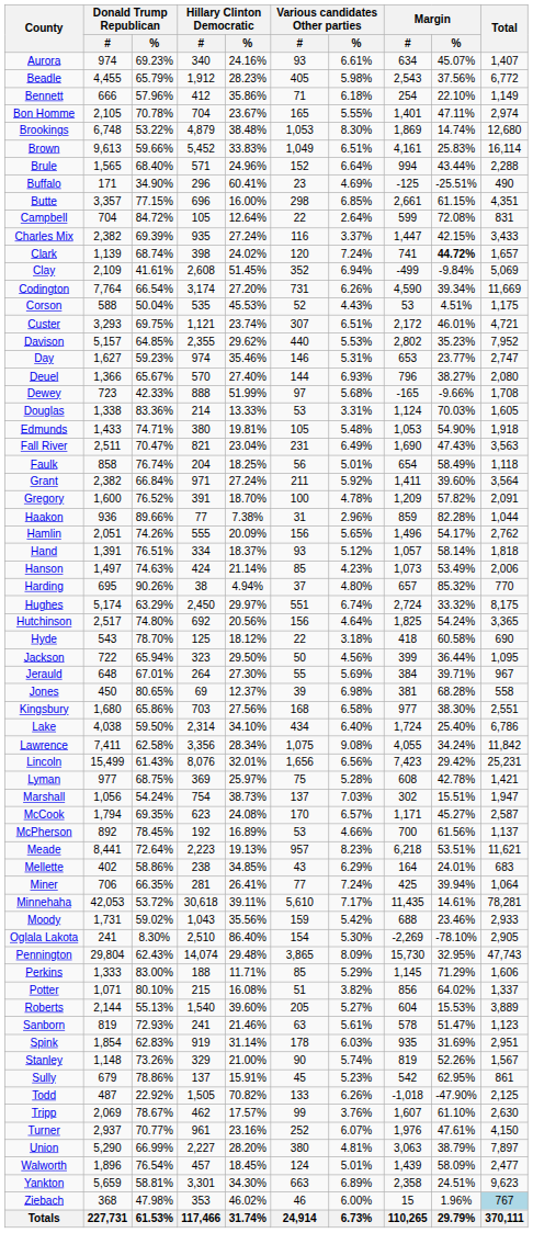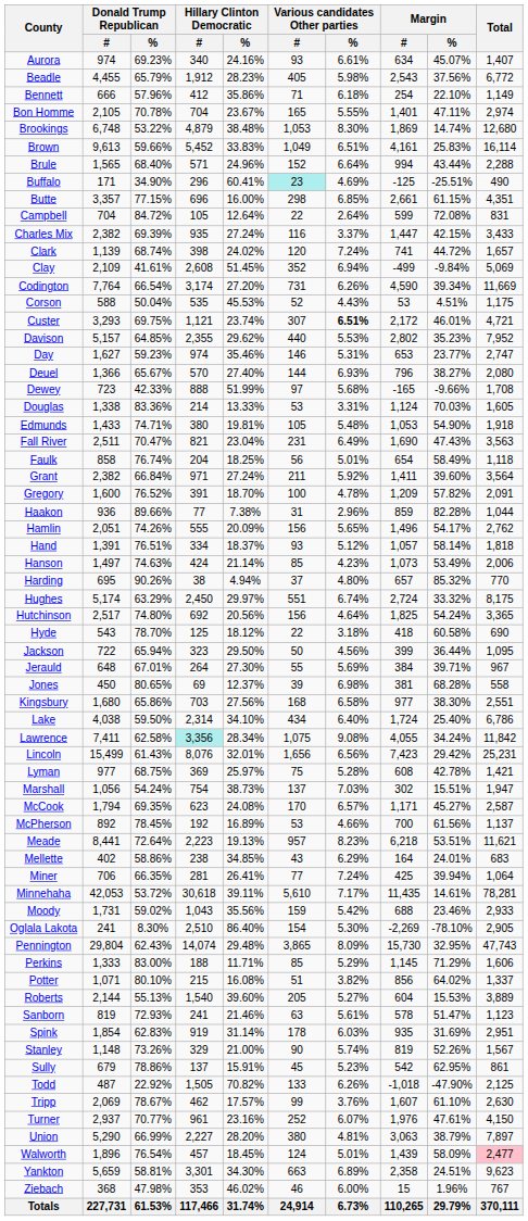 <table width="60%" class="wikitable sortable">
 <tr>
 <th rowspan="2">County</th>
 <th colspan="2">Donald Trump<br>Republican</th>
 <th colspan="2">Hillary Clinton<br>Democratic</th>
 <th colspan="2">Various candidates<br>Other parties</th>
 <th colspan="2">Margin</th>
 <th rowspan="2">Total</th>
 </tr>
 <tr>
 <th style="text-align:center;" data-sort-type="number">#</th>
 <th style="text-align:center;" data-sort-type="number">%</th>
 <th style="text-align:center;" data-sort-type="number">#</th>
 <th style="text-align:center;" data-sort-type="number">%</th>
 <th style="text-align:center;" data-sort-type="number">#</th>
 <th style="text-align:center;" data-sort-type="number">%</th>
 <th style="text-align:center;" data-sort-type="number">#</th>
 <th style="text-align:center;" data-sort-type="number">%</th>
 </tr>
 <tr style="text-align:center;">
 <td><a href='#'>Aurora</a></td>
 <td>974</td>
 <td>69.23%</td>
 <td>340</td>
 <td>24.16%</td>
 <td>93</td>
 <td>6.61%</td>
 <td>634</td>
 <td>45.07%</td>
 <td>1,407</td>
 </tr>
 <tr style="text-align:center;">
 <td><a href='#'>Beadle</a></td>
 <td>4,455</td>
 <td>65.79%</td>
 <td>1,912</td>
 <td>28.23%</td>
 <td>405</td>
 <td>5.98%</td>
 <td>2,543</td>
 <td>37.56%</td>
 <td>6,772</td>
 </tr>
 <tr style="text-align:center;">
 <td><a href='#'>Bennett</a></td>
 <td>666</td>
 <td>57.96%</td>
 <td>412</td>
 <td>35.86%</td>
 <td>71</td>
 <td>6.18%</td>
 <td>254</td>
 <td>22.10%</td>
 <td>1,149</td>
 </tr>
 <tr style="text-align:center;">
 <td><a href='#'>Bon Homme</a></td>
 <td>2,105</td>
 <td>70.78%</td>
 <td>704</td>
 <td>23.67%</td>
 <td>165</td>
 <td>5.55%</td>
 <td>1,401</td>
 <td>47.11%</td>
 <td>2,974</td>
 </tr>
 <tr style="text-align:center;">
 <td><a href='#'>Brookings</a></td>
 <td>6,748</td>
 <td>53.22%</td>
 <td>4,879</td>
 <td>38.48%</td>
 <td>1,053</td>
 <td>8.30%</td>
 <td>1,869</td>
 <td>14.74%</td>
 <td>12,680</td>
 </tr>
 <tr style="text-align:center;">
 <td><a href='#'>Brown</a></td>
 <td>9,613</td>
 <td>59.66%</td>
 <td>5,452</td>
 <td>33.83%</td>
 <td>1,049</td>
 <td>6.51%</td>
 <td>4,161</td>
 <td>25.83%</td>
 <td>16,114</td>
 </tr>
 <tr style="text-align:center;">
 <td><a href='#'>Brule</a></td>
 <td>1,565</td>
 <td>68.40%</td>
 <td>571</td>
 <td>24.96%</td>
 <td>152</td>
 <td>6.64%</td>
 <td>994</td>
 <td>43.44%</td>
 <td>2,288</td>
 </tr>
 <tr style="text-align:center;">
 <td><a href='#'>Buffalo</a></td>
 <td>171</td>
 <td>34.90%</td>
 <td>296</td>
 <td>60.41%</td>
-<td>23</td>
+<td style="background: paleturquoise;">23</td>
 <td>4.69%</td>
 <td>-125</td>
 <td>-25.51%</td>
 <td>490</td>
 </tr>
 <tr style="text-align:center;">
 <td><a href='#'>Butte</a></td>
 <td>3,357</td>
 <td>77.15%</td>
 <td>696</td>
 <td>16.00%</td>
 <td>298</td>
 <td>6.85%</td>
 <td>2,661</td>
 <td>61.15%</td>
 <td>4,351</td>
 </tr>
 <tr style="text-align:center;">
 <td><a href='#'>Campbell</a></td>
 <td>704</td>
 <td>84.72%</td>
 <td>105</td>
 <td>12.64%</td>
 <td>22</td>
 <td>2.64%</td>
 <td>599</td>
 <td>72.08%</td>
 <td>831</td>
 </tr>
 <tr style="text-align:center;">
 <td><a href='#'>Charles Mix</a></td>
 <td>2,382</td>
 <td>69.39%</td>
 <td>935</td>
 <td>27.24%</td>
 <td>116</td>
 <td>3.37%</td>
 <td>1,447</td>
 <td>42.15%</td>
 <td>3,433</td>
 </tr>
 <tr style="text-align:center;">
 <td><a href='#'>Clark</a></td>
 <td>1,139</td>
 <td>68.74%</td>
 <td>398</td>
 <td>24.02%</td>
 <td>120</td>
 <td>7.24%</td>
 <td>741</td>
-<td><strong>44.72%</strong></td>
+<td>44.72%</td>
 <td>1,657</td>
 </tr>
 <tr style="text-align:center;">
 <td><a href='#'>Clay</a></td>
 <td>2,109</td>
 <td>41.61%</td>
 <td>2,608</td>
 <td>51.45%</td>
 <td>352</td>
 <td>6.94%</td>
 <td>-499</td>
 <td>-9.84%</td>
 <td>5,069</td>
 </tr>
 <tr style="text-align:center;">
 <td><a href='#'>Codington</a></td>
 <td>7,764</td>
 <td>66.54%</td>
 <td>3,174</td>
 <td>27.20%</td>
 <td>731</td>
 <td>6.26%</td>
 <td>4,590</td>
 <td>39.34%</td>
 <td>11,669</td>
 </tr>
 <tr style="text-align:center;">
 <td><a href='#'>Corson</a></td>
 <td>588</td>
 <td>50.04%</td>
 <td>535</td>
 <td>45.53%</td>
 <td>52</td>
 <td>4.43%</td>
 <td>53</td>
 <td>4.51%</td>
 <td>1,175</td>
 </tr>
 <tr style="text-align:center;">
 <td><a href='#'>Custer</a></td>
 <td>3,293</td>
 <td>69.75%</td>
 <td>1,121</td>
 <td>23.74%</td>
 <td>307</td>
-<td>6.51%</td>
+<td><strong>6.51%</strong></td>
 <td>2,172</td>
 <td>46.01%</td>
 <td>4,721</td>
 </tr>
 <tr style="text-align:center;">
 <td><a href='#'>Davison</a></td>
 <td>5,157</td>
 <td>64.85%</td>
 <td>2,355</td>
 <td>29.62%</td>
 <td>440</td>
 <td>5.53%</td>
 <td>2,802</td>
 <td>35.23%</td>
 <td>7,952</td>
 </tr>
 <tr style="text-align:center;">
 <td><a href='#'>Day</a></td>
 <td>1,627</td>
 <td>59.23%</td>
 <td>974</td>
 <td>35.46%</td>
 <td>146</td>
 <td>5.31%</td>
 <td>653</td>
 <td>23.77%</td>
 <td>2,747</td>
 </tr>
 <tr style="text-align:center;">
 <td><a href='#'>Deuel</a></td>
 <td>1,366</td>
 <td>65.67%</td>
 <td>570</td>
 <td>27.40%</td>
 <td>144</td>
 <td>6.93%</td>
 <td>796</td>
 <td>38.27%</td>
 <td>2,080</td>
 </tr>
 <tr style="text-align:center;">
 <td><a href='#'>Dewey</a></td>
 <td>723</td>
 <td>42.33%</td>
 <td>888</td>
 <td>51.99%</td>
 <td>97</td>
 <td>5.68%</td>
 <td>-165</td>
 <td>-9.66%</td>
 <td>1,708</td>
 </tr>
 <tr style="text-align:center;">
 <td><a href='#'>Douglas</a></td>
 <td>1,338</td>
 <td>83.36%</td>
 <td>214</td>
 <td>13.33%</td>
 <td>53</td>
 <td>3.31%</td>
 <td>1,124</td>
 <td>70.03%</td>
 <td>1,605</td>
 </tr>
 <tr style="text-align:center;">
 <td><a href='#'>Edmunds</a></td>
 <td>1,433</td>
 <td>74.71%</td>
 <td>380</td>
 <td>19.81%</td>
 <td>105</td>
 <td>5.48%</td>
 <td>1,053</td>
 <td>54.90%</td>
 <td>1,918</td>
 </tr>
 <tr style="text-align:center;">
 <td><a href='#'>Fall River</a></td>
 <td>2,511</td>
 <td>70.47%</td>
 <td>821</td>
 <td>23.04%</td>
 <td>231</td>
 <td>6.49%</td>
 <td>1,690</td>
 <td>47.43%</td>
 <td>3,563</td>
 </tr>
 <tr style="text-align:center;">
 <td><a href='#'>Faulk</a></td>
 <td>858</td>
 <td>76.74%</td>
 <td>204</td>
 <td>18.25%</td>
 <td>56</td>
 <td>5.01%</td>
 <td>654</td>
 <td>58.49%</td>
 <td>1,118</td>
 </tr>
 <tr style="text-align:center;">
 <td><a href='#'>Grant</a></td>
 <td>2,382</td>
 <td>66.84%</td>
 <td>971</td>
 <td>27.24%</td>
 <td>211</td>
 <td>5.92%</td>
 <td>1,411</td>
 <td>39.60%</td>
 <td>3,564</td>
 </tr>
 <tr style="text-align:center;">
 <td><a href='#'>Gregory</a></td>
 <td>1,600</td>
 <td>76.52%</td>
 <td>391</td>
 <td>18.70%</td>
 <td>100</td>
 <td>4.78%</td>
 <td>1,209</td>
 <td>57.82%</td>
 <td>2,091</td>
 </tr>
 <tr style="text-align:center;">
 <td><a href='#'>Haakon</a></td>
 <td>936</td>
 <td>89.66%</td>
 <td>77</td>
 <td>7.38%</td>
 <td>31</td>
 <td>2.96%</td>
 <td>859</td>
 <td>82.28%</td>
 <td>1,044</td>
 </tr>
 <tr style="text-align:center;">
 <td><a href='#'>Hamlin</a></td>
 <td>2,051</td>
 <td>74.26%</td>
 <td>555</td>
 <td>20.09%</td>
 <td>156</td>
 <td>5.65%</td>
 <td>1,496</td>
 <td>54.17%</td>
 <td>2,762</td>
 </tr>
 <tr style="text-align:center;">
 <td><a href='#'>Hand</a></td>
 <td>1,391</td>
 <td>76.51%</td>
 <td>334</td>
 <td>18.37%</td>
 <td>93</td>
 <td>5.12%</td>
 <td>1,057</td>
 <td>58.14%</td>
 <td>1,818</td>
 </tr>
 <tr style="text-align:center;">
 <td><a href='#'>Hanson</a></td>
 <td>1,497</td>
 <td>74.63%</td>
 <td>424</td>
 <td>21.14%</td>
 <td>85</td>
 <td>4.23%</td>
 <td>1,073</td>
 <td>53.49%</td>
 <td>2,006</td>
 </tr>
 <tr style="text-align:center;">
 <td><a href='#'>Harding</a></td>
 <td>695</td>
 <td>90.26%</td>
 <td>38</td>
 <td>4.94%</td>
 <td>37</td>
 <td>4.80%</td>
 <td>657</td>
 <td>85.32%</td>
 <td>770</td>
 </tr>
 <tr style="text-align:center;">
 <td><a href='#'>Hughes</a></td>
 <td>5,174</td>
 <td>63.29%</td>
 <td>2,450</td>
 <td>29.97%</td>
 <td>551</td>
 <td>6.74%</td>
 <td>2,724</td>
 <td>33.32%</td>
 <td>8,175</td>
 </tr>
 <tr style="text-align:center;">
 <td><a href='#'>Hutchinson</a></td>
 <td>2,517</td>
 <td>74.80%</td>
 <td>692</td>
 <td>20.56%</td>
 <td>156</td>
 <td>4.64%</td>
 <td>1,825</td>
 <td>54.24%</td>
 <td>3,365</td>
 </tr>
 <tr style="text-align:center;">
 <td><a href='#'>Hyde</a></td>
 <td>543</td>
 <td>78.70%</td>
 <td>125</td>
 <td>18.12%</td>
 <td>22</td>
 <td>3.18%</td>
 <td>418</td>
 <td>60.58%</td>
 <td>690</td>
 </tr>
 <tr style="text-align:center;">
 <td><a href='#'>Jackson</a></td>
 <td>722</td>
 <td>65.94%</td>
 <td>323</td>
 <td>29.50%</td>
 <td>50</td>
 <td>4.56%</td>
 <td>399</td>
 <td>36.44%</td>
 <td>1,095</td>
 </tr>
 <tr style="text-align:center;">
 <td><a href='#'>Jerauld</a></td>
 <td>648</td>
 <td>67.01%</td>
 <td>264</td>
 <td>27.30%</td>
 <td>55</td>
 <td>5.69%</td>
 <td>384</td>
 <td>39.71%</td>
 <td>967</td>
 </tr>
 <tr style="text-align:center;">
 <td><a href='#'>Jones</a></td>
 <td>450</td>
 <td>80.65%</td>
 <td>69</td>
 <td>12.37%</td>
 <td>39</td>
 <td>6.98%</td>
 <td>381</td>
 <td>68.28%</td>
 <td>558</td>
 </tr>
 <tr style="text-align:center;">
 <td><a href='#'>Kingsbury</a></td>
 <td>1,680</td>
 <td>65.86%</td>
 <td>703</td>
 <td>27.56%</td>
 <td>168</td>
 <td>6.58%</td>
 <td>977</td>
 <td>38.30%</td>
 <td>2,551</td>
 </tr>
 <tr style="text-align:center;">
 <td><a href='#'>Lake</a></td>
 <td>4,038</td>
 <td>59.50%</td>
 <td>2,314</td>
 <td>34.10%</td>
 <td>434</td>
 <td>6.40%</td>
 <td>1,724</td>
 <td>25.40%</td>
 <td>6,786</td>
 </tr>
 <tr style="text-align:center;">
 <td><a href='#'>Lawrence</a></td>
 <td>7,411</td>
 <td>62.58%</td>
-<td>3,356</td>
+<td style="background: paleturquoise;">3,356</td>
 <td>28.34%</td>
 <td>1,075</td>
 <td>9.08%</td>
 <td>4,055</td>
 <td>34.24%</td>
 <td>11,842</td>
 </tr>
 <tr style="text-align:center;">
 <td><a href='#'>Lincoln</a></td>
 <td>15,499</td>
 <td>61.43%</td>
 <td>8,076</td>
 <td>32.01%</td>
 <td>1,656</td>
 <td>6.56%</td>
 <td>7,423</td>
 <td>29.42%</td>
 <td>25,231</td>
 </tr>
 <tr style="text-align:center;">
 <td><a href='#'>Lyman</a></td>
 <td>977</td>
 <td>68.75%</td>
 <td>369</td>
 <td>25.97%</td>
 <td>75</td>
 <td>5.28%</td>
 <td>608</td>
 <td>42.78%</td>
 <td>1,421</td>
 </tr>
 <tr style="text-align:center;">
 <td><a href='#'>Marshall</a></td>
 <td>1,056</td>
 <td>54.24%</td>
 <td>754</td>
 <td>38.73%</td>
 <td>137</td>
 <td>7.03%</td>
 <td>302</td>
 <td>15.51%</td>
 <td>1,947</td>
 </tr>
 <tr style="text-align:center;">
 <td><a href='#'>McCook</a></td>
 <td>1,794</td>
 <td>69.35%</td>
 <td>623</td>
 <td>24.08%</td>
 <td>170</td>
 <td>6.57%</td>
 <td>1,171</td>
 <td>45.27%</td>
 <td>2,587</td>
 </tr>
 <tr style="text-align:center;">
 <td><a href='#'>McPherson</a></td>
 <td>892</td>
 <td>78.45%</td>
 <td>192</td>
 <td>16.89%</td>
 <td>53</td>
 <td>4.66%</td>
 <td>700</td>
 <td>61.56%</td>
 <td>1,137</td>
 </tr>
 <tr style="text-align:center;">
 <td><a href='#'>Meade</a></td>
 <td>8,441</td>
 <td>72.64%</td>
 <td>2,223</td>
 <td>19.13%</td>
 <td>957</td>
 <td>8.23%</td>
 <td>6,218</td>
 <td>53.51%</td>
 <td>11,621</td>
 </tr>
 <tr style="text-align:center;">
 <td><a href='#'>Mellette</a></td>
 <td>402</td>
 <td>58.86%</td>
 <td>238</td>
 <td>34.85%</td>
 <td>43</td>
 <td>6.29%</td>
 <td>164</td>
 <td>24.01%</td>
 <td>683</td>
 </tr>
 <tr style="text-align:center;">
 <td><a href='#'>Miner</a></td>
 <td>706</td>
 <td>66.35%</td>
 <td>281</td>
 <td>26.41%</td>
 <td>77</td>
 <td>7.24%</td>
 <td>425</td>
 <td>39.94%</td>
 <td>1,064</td>
 </tr>
 <tr style="text-align:center;">
 <td><a href='#'>Minnehaha</a></td>
 <td>42,053</td>
 <td>53.72%</td>
 <td>30,618</td>
 <td>39.11%</td>
 <td>5,610</td>
 <td>7.17%</td>
 <td>11,435</td>
 <td>14.61%</td>
 <td>78,281</td>
 </tr>
 <tr style="text-align:center;">
 <td><a href='#'>Moody</a></td>
 <td>1,731</td>
 <td>59.02%</td>
 <td>1,043</td>
 <td>35.56%</td>
 <td>159</td>
 <td>5.42%</td>
 <td>688</td>
 <td>23.46%</td>
 <td>2,933</td>
 </tr>
 <tr style="text-align:center;">
 <td><a href='#'>Oglala Lakota</a></td>
 <td>241</td>
 <td>8.30%</td>
 <td>2,510</td>
 <td>86.40%</td>
 <td>154</td>
 <td>5.30%</td>
 <td>-2,269</td>
 <td>-78.10%</td>
 <td>2,905</td>
 </tr>
 <tr style="text-align:center;">
 <td><a href='#'>Pennington</a></td>
 <td>29,804</td>
 <td>62.43%</td>
 <td>14,074</td>
 <td>29.48%</td>
 <td>3,865</td>
 <td>8.09%</td>
 <td>15,730</td>
 <td>32.95%</td>
 <td>47,743</td>
 </tr>
 <tr style="text-align:center;">
 <td><a href='#'>Perkins</a></td>
 <td>1,333</td>
 <td>83.00%</td>
 <td>188</td>
 <td>11.71%</td>
 <td>85</td>
 <td>5.29%</td>
 <td>1,145</td>
 <td>71.29%</td>
 <td>1,606</td>
 </tr>
 <tr style="text-align:center;">
 <td><a href='#'>Potter</a></td>
 <td>1,071</td>
 <td>80.10%</td>
 <td>215</td>
 <td>16.08%</td>
 <td>51</td>
 <td>3.82%</td>
 <td>856</td>
 <td>64.02%</td>
 <td>1,337</td>
 </tr>
 <tr style="text-align:center;">
 <td><a href='#'>Roberts</a></td>
 <td>2,144</td>
 <td>55.13%</td>
 <td>1,540</td>
 <td>39.60%</td>
 <td>205</td>
 <td>5.27%</td>
 <td>604</td>
 <td>15.53%</td>
 <td>3,889</td>
 </tr>
 <tr style="text-align:center;">
 <td><a href='#'>Sanborn</a></td>
 <td>819</td>
 <td>72.93%</td>
 <td>241</td>
 <td>21.46%</td>
 <td>63</td>
 <td>5.61%</td>
 <td>578</td>
 <td>51.47%</td>
 <td>1,123</td>
 </tr>
 <tr style="text-align:center;">
 <td><a href='#'>Spink</a></td>
 <td>1,854</td>
 <td>62.83%</td>
 <td>919</td>
 <td>31.14%</td>
 <td>178</td>
 <td>6.03%</td>
 <td>935</td>
 <td>31.69%</td>
 <td>2,951</td>
 </tr>
 <tr style="text-align:center;">
 <td><a href='#'>Stanley</a></td>
 <td>1,148</td>
 <td>73.26%</td>
 <td>329</td>
 <td>21.00%</td>
 <td>90</td>
 <td>5.74%</td>
 <td>819</td>
 <td>52.26%</td>
 <td>1,567</td>
 </tr>
 <tr style="text-align:center;">
 <td><a href='#'>Sully</a></td>
 <td>679</td>
 <td>78.86%</td>
 <td>137</td>
 <td>15.91%</td>
 <td>45</td>
 <td>5.23%</td>
 <td>542</td>
 <td>62.95%</td>
 <td>861</td>
 </tr>
 <tr style="text-align:center;">
 <td><a href='#'>Todd</a></td>
 <td>487</td>
 <td>22.92%</td>
 <td>1,505</td>
 <td>70.82%</td>
 <td>133</td>
 <td>6.26%</td>
 <td>-1,018</td>
 <td>-47.90%</td>
 <td>2,125</td>
 </tr>
 <tr style="text-align:center;">
 <td><a href='#'>Tripp</a></td>
 <td>2,069</td>
 <td>78.67%</td>
 <td>462</td>
 <td>17.57%</td>
 <td>99</td>
 <td>3.76%</td>
 <td>1,607</td>
 <td>61.10%</td>
 <td>2,630</td>
 </tr>
 <tr style="text-align:center;">
 <td><a href='#'>Turner</a></td>
 <td>2,937</td>
 <td>70.77%</td>
 <td>961</td>
 <td>23.16%</td>
 <td>252</td>
 <td>6.07%</td>
 <td>1,976</td>
 <td>47.61%</td>
 <td>4,150</td>
 </tr>
 <tr style="text-align:center;">
 <td><a href='#'>Union</a></td>
 <td>5,290</td>
 <td>66.99%</td>
 <td>2,227</td>
 <td>28.20%</td>
 <td>380</td>
 <td>4.81%</td>
 <td>3,063</td>
 <td>38.79%</td>
 <td>7,897</td>
 </tr>
 <tr style="text-align:center;">
 <td><a href='#'>Walworth</a></td>
 <td>1,896</td>
 <td>76.54%</td>
 <td>457</td>
 <td>18.45%</td>
 <td>124</td>
 <td>5.01%</td>
 <td>1,439</td>
 <td>58.09%</td>
-<td>2,477</td>
+<td style="background: pink;">2,477</td>
 </tr>
 <tr style="text-align:center;">
 <td><a href='#'>Yankton</a></td>
 <td>5,659</td>
 <td>58.81%</td>
 <td>3,301</td>
 <td>34.30%</td>
 <td>663</td>
 <td>6.89%</td>
 <td>2,358</td>
 <td>24.51%</td>
 <td>9,623</td>
 </tr>
 <tr style="text-align:center;">
 <td><a href='#'>Ziebach</a></td>
 <td>368</td>
 <td>47.98%</td>
 <td>353</td>
 <td>46.02%</td>
 <td>46</td>
 <td>6.00%</td>
 <td>15</td>
 <td>1.96%</td>
-<td style="background: lightblue;">767</td>
+<td>767</td>
 </tr>
 <tr>
 <th>Totals</th>
 <th>227,731</th>
 <th>61.53%</th>
 <th>117,466</th>
 <th>31.74%</th>
 <th>24,914</th>
 <th>6.73%</th>
 <th>110,265</th>
 <th>29.79%</th>
 <th>370,111</th>
 </tr>
 </table>
